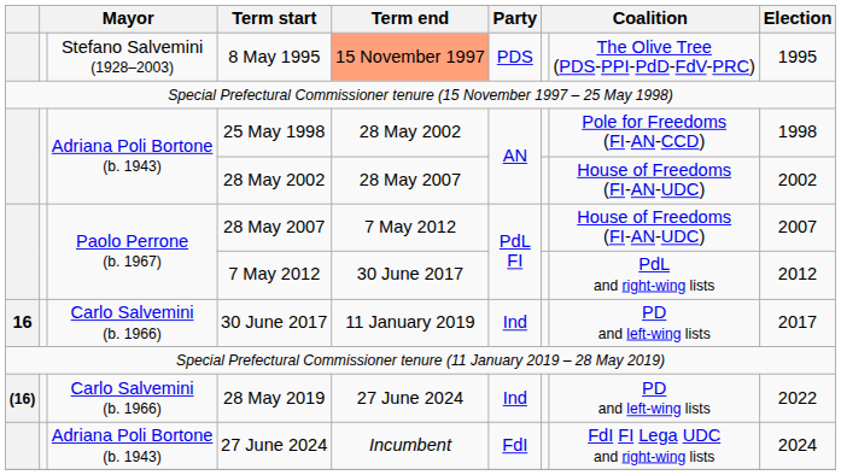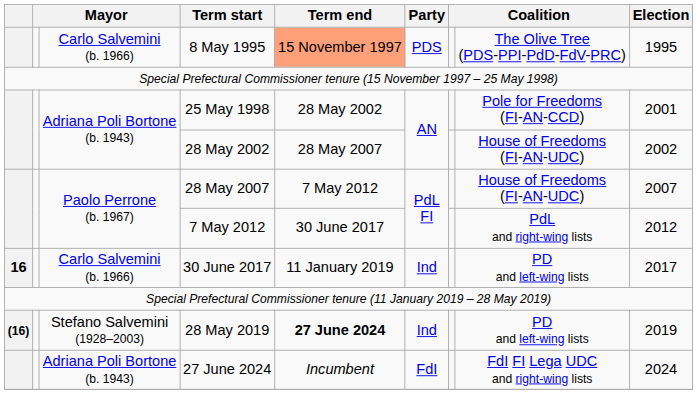 <table class="wikitable" style="text-align: center;">
 <tr>
 <th class=unsortable> </th>
 <th colspan=2>Mayor</th>
 <th>Term start</th>
 <th>Term end</th>
 <th>Party</th>
 <th colspan="2">Coalition</th>
 <th>Election</th>
 </tr>
 <tr>
 <th style="background:"></th>
 <td></td>
-<td>Stefano Salvemini <br><small>(1928–2003)</small></td>
+<td><a href='#'>Carlo Salvemini</a> <br><small>(b. 1966)</small></td>
 <td>8 May 1995</td>
 <td style="background: lightsalmon;">15 November 1997</td>
 <td><a href='#'>PDS</a></td>
 <td style="background: "></td>
 <td><a href='#'>The Olive Tree</a><br>(<a href='#'>PDS</a>-<a href='#'>PPI</a>-<a href='#'>PdD</a>-<a href='#'>FdV</a>-<a href='#'>PRC</a>)</td>
 <td>1995</td>
 </tr>
 <tr>
 <td colspan=9 align=center><small><em>Special Prefectural Commissioner tenure (15 November 1997 – 25 May 1998)</em></small></td>
 </tr>
 <tr>
 <th rowspan=2 style="background:"></th>
 <td rowspan=2></td>
 <td rowspan=2><a href='#'>Adriana Poli Bortone</a> <br><small>(b. 1943)</small></td>
 <td>25 May 1998</td>
 <td>28 May 2002</td>
 <td rowspan=2><a href='#'>AN</a></td>
 <td style="background: "></td>
 <td><a href='#'>Pole for Freedoms</a><br>(<a href='#'>FI</a>-<a href='#'>AN</a>-<a href='#'>CCD</a>)</td>
-<td>1998</td>
+<td>2001</td>
 </tr>
 <tr>
 <td>28 May 2002</td>
 <td>28 May 2007</td>
 <td style="background: "></td>
 <td><a href='#'>House of Freedoms</a><br>(<a href='#'>FI</a>-<a href='#'>AN</a>-<a href='#'>UDC</a>)</td>
 <td>2002</td>
 </tr>
 <tr>
 <th rowspan=2 style="background:"></th>
 <td rowspan=2></td>
 <td rowspan=2><a href='#'>Paolo Perrone</a> <br><small>(b. 1967)</small></td>
 <td>28 May 2007</td>
 <td>7 May 2012</td>
 <td rowspan=2><a href='#'>PdL</a><br><a href='#'>FI</a></td>
 <td style="background: "></td>
 <td><a href='#'>House of Freedoms</a><br>(<a href='#'>FI</a>-<a href='#'>AN</a>-<a href='#'>UDC</a>)</td>
 <td>2007</td>
 </tr>
 <tr>
 <td>7 May 2012</td>
 <td>30 June 2017</td>
 <td style="background: "></td>
 <td><a href='#'>PdL</a><br><small>and <a href='#'>right-wing</a> lists</small></td>
 <td>2012</td>
 </tr>
 <tr>
 <th style="background:">16</th>
 <td></td>
 <td><a href='#'>Carlo Salvemini</a> <br><small>(b. 1966)</small></td>
 <td>30 June 2017</td>
 <td>11 January 2019</td>
 <td><a href='#'>Ind</a></td>
 <td style="background: "></td>
 <td><a href='#'>PD</a><br><small>and <a href='#'>left-wing</a> lists</small></td>
 <td>2017</td>
 </tr>
 <tr>
 <td colspan=9 align=center><small><em>Special Prefectural Commissioner tenure (11 January 2019 – 28 May 2019)</em></small></td>
 </tr>
 <tr>
 <th style="background:"><small>(16)</small></th>
 <td></td>
-<td><a href='#'>Carlo Salvemini</a> <br><small>(b. 1966)</small></td>
+<td>Stefano Salvemini <br><small>(1928–2003)</small></td>
 <td>28 May 2019</td>
-<td>27 June 2024</td>
+<td><strong>27 June 2024</strong></td>
 <td><a href='#'>Ind</a></td>
 <td style="background: "></td>
 <td><a href='#'>PD</a><br><small>and <a href='#'>left-wing</a> lists</small></td>
-<td>2022</td>
+<td>2019</td>
 </tr>
 <tr>
 <th style="background:"><small></small></th>
 <td></td>
 <td><a href='#'>Adriana Poli Bortone</a> <br><small>(b. 1943)</small></td>
 <td>27 June 2024</td>
 <td><em>Incumbent</em></td>
 <td><a href='#'>FdI</a></td>
 <td style="background: "></td>
 <td><a href='#'>FdI</a>  <a href='#'>FI</a>  <a href='#'>Lega</a>  <a href='#'>UDC</a><br><small>and <a href='#'>right-wing</a> lists</small></td>
 <td>2024</td>
 </tr>
 <tr>
 </tr>
 </table>
